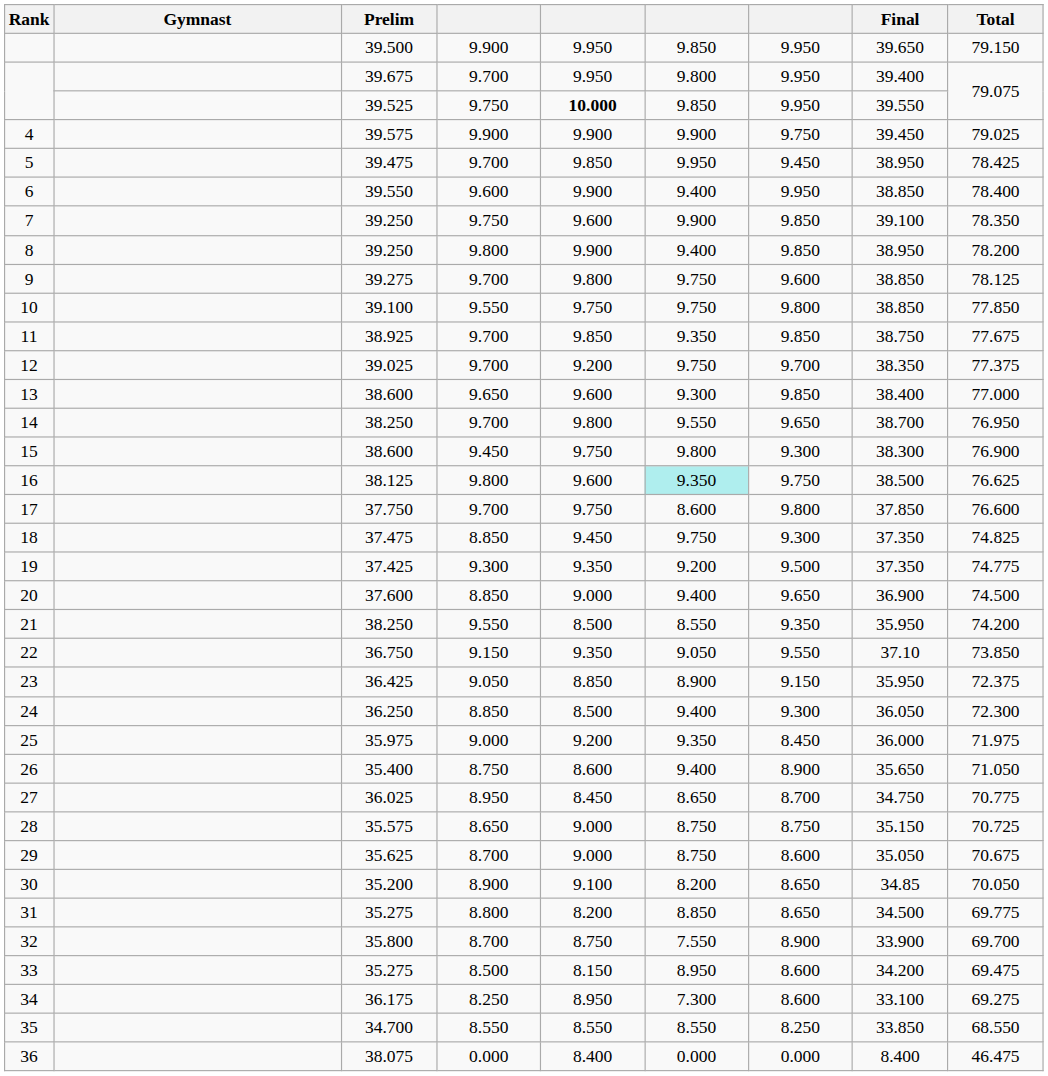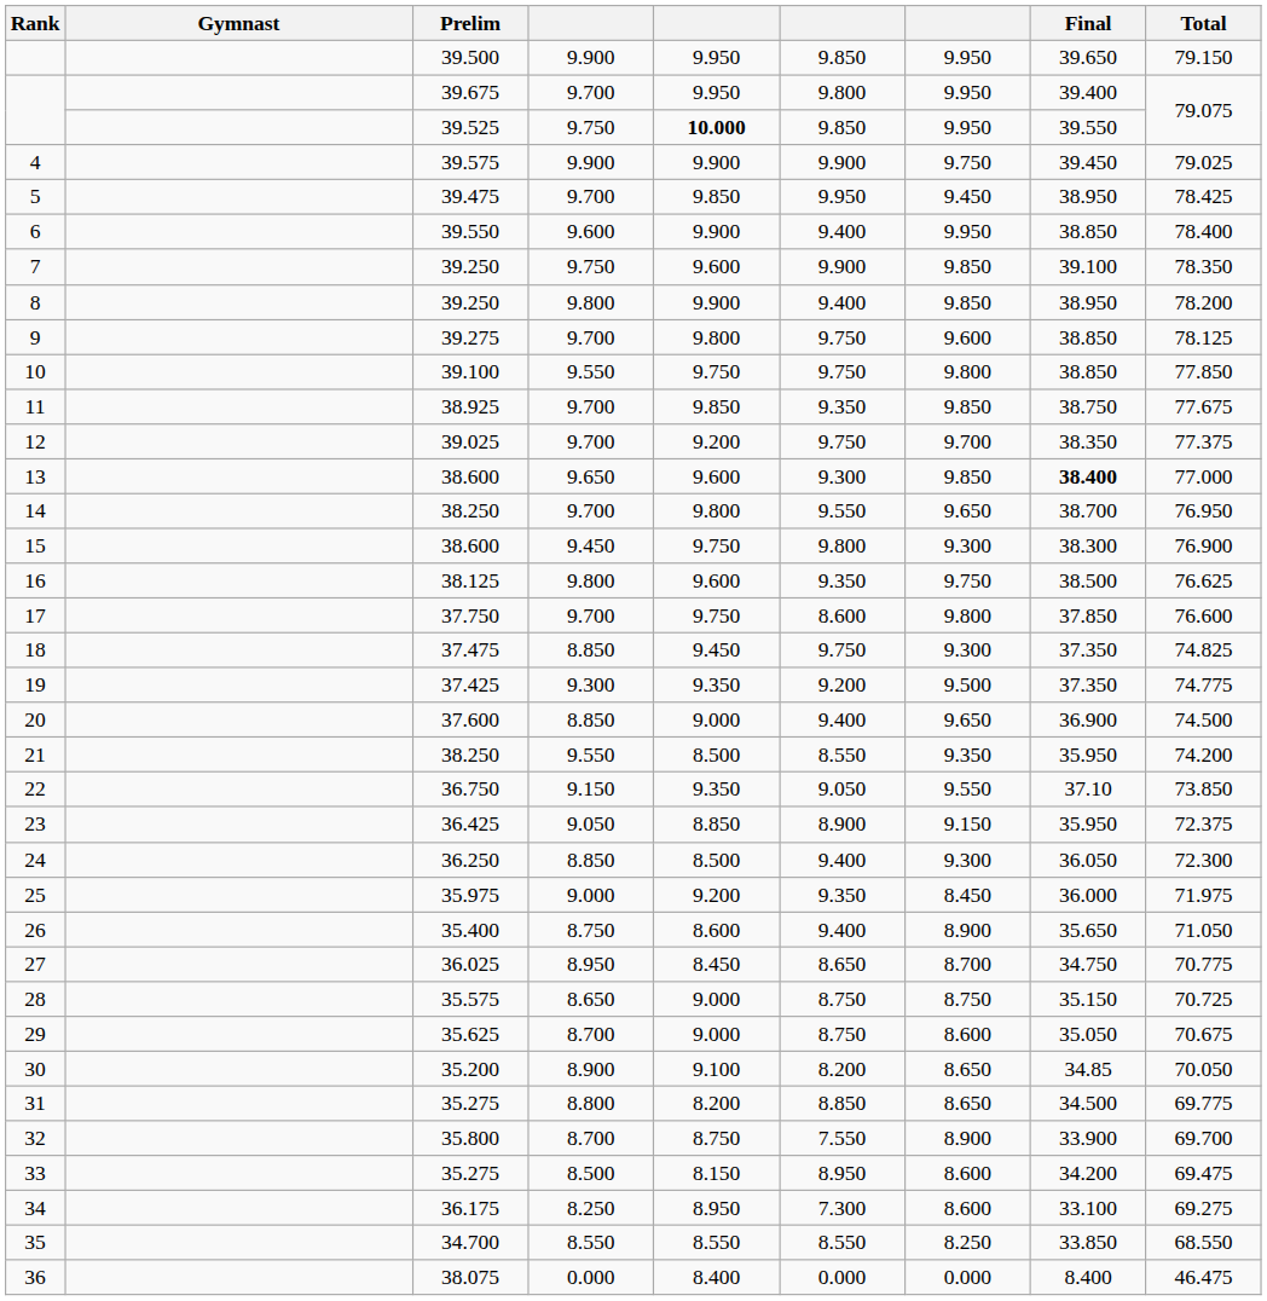 <table class="wikitable sortable" style="text-align:center; font-size:95%">
 <tr>
 <th>Rank</th>
 <th style="width:16em">Gymnast</th>
 <th style="width:5em">Prelim</th>
 <th width="10%"></th>
 <th width="10%"></th>
 <th width="10%"></th>
 <th width="10%"></th>
 <th style="width:5em">Final</th>
 <th style="width:5em">Total</th>
 </tr>
 <tr>
 <td></td>
 <td align=left></td>
 <td>39.500</td>
 <td>9.900</td>
 <td>9.950</td>
 <td>9.850</td>
 <td>9.950</td>
 <td>39.650</td>
 <td>79.150</td>
 </tr>
 <tr>
 <td rowspan="2"></td>
 <td align=left></td>
 <td>39.675</td>
 <td>9.700</td>
 <td>9.950</td>
 <td>9.800</td>
 <td>9.950</td>
 <td>39.400</td>
 <td rowspan="2">79.075</td>
 </tr>
 <tr>
 <td align=left></td>
 <td>39.525</td>
 <td>9.750</td>
 <td><strong>10.000</strong></td>
 <td>9.850</td>
 <td>9.950</td>
 <td>39.550</td>
 </tr>
 <tr>
 <td>4</td>
 <td align=left></td>
 <td>39.575</td>
 <td>9.900</td>
 <td>9.900</td>
 <td>9.900</td>
 <td>9.750</td>
 <td>39.450</td>
 <td>79.025</td>
 </tr>
 <tr>
 <td>5</td>
 <td align=left></td>
 <td>39.475</td>
 <td>9.700</td>
 <td>9.850</td>
 <td>9.950</td>
 <td>9.450</td>
 <td>38.950</td>
 <td>78.425</td>
 </tr>
 <tr>
 <td>6</td>
 <td align=left></td>
 <td>39.550</td>
 <td>9.600</td>
 <td>9.900</td>
 <td>9.400</td>
 <td>9.950</td>
 <td>38.850</td>
 <td>78.400</td>
 </tr>
 <tr>
 <td>7</td>
 <td align=left></td>
 <td>39.250</td>
 <td>9.750</td>
 <td>9.600</td>
 <td>9.900</td>
 <td>9.850</td>
 <td>39.100</td>
 <td>78.350</td>
 </tr>
 <tr>
 <td>8</td>
 <td align=left></td>
 <td>39.250</td>
 <td>9.800</td>
 <td>9.900</td>
 <td>9.400</td>
 <td>9.850</td>
 <td>38.950</td>
 <td>78.200</td>
 </tr>
 <tr>
 <td>9</td>
 <td align=left></td>
 <td>39.275</td>
 <td>9.700</td>
 <td>9.800</td>
 <td>9.750</td>
 <td>9.600</td>
 <td>38.850</td>
 <td>78.125</td>
 </tr>
 <tr>
 <td>10</td>
 <td align=left></td>
 <td>39.100</td>
 <td>9.550</td>
 <td>9.750</td>
 <td>9.750</td>
 <td>9.800</td>
 <td>38.850</td>
 <td>77.850</td>
 </tr>
 <tr>
 <td>11</td>
 <td align=left></td>
 <td>38.925</td>
 <td>9.700</td>
 <td>9.850</td>
 <td>9.350</td>
 <td>9.850</td>
 <td>38.750</td>
 <td>77.675</td>
 </tr>
 <tr>
 <td>12</td>
 <td align=left></td>
 <td>39.025</td>
 <td>9.700</td>
 <td>9.200</td>
 <td>9.750</td>
 <td>9.700</td>
 <td>38.350</td>
 <td>77.375</td>
 </tr>
 <tr>
 <td>13</td>
 <td align=left></td>
 <td>38.600</td>
 <td>9.650</td>
 <td>9.600</td>
 <td>9.300</td>
 <td>9.850</td>
-<td>38.400</td>
+<td><strong>38.400</strong></td>
 <td>77.000</td>
 </tr>
 <tr>
 <td>14</td>
 <td align=left></td>
 <td>38.250</td>
 <td>9.700</td>
 <td>9.800</td>
 <td>9.550</td>
 <td>9.650</td>
 <td>38.700</td>
 <td>76.950</td>
 </tr>
 <tr>
 <td>15</td>
 <td align=left></td>
 <td>38.600</td>
 <td>9.450</td>
 <td>9.750</td>
 <td>9.800</td>
 <td>9.300</td>
 <td>38.300</td>
 <td>76.900</td>
 </tr>
 <tr>
 <td>16</td>
 <td align=left></td>
 <td>38.125</td>
 <td>9.800</td>
 <td>9.600</td>
-<td style="background: paleturquoise;">9.350</td>
+<td>9.350</td>
 <td>9.750</td>
 <td>38.500</td>
 <td>76.625</td>
 </tr>
 <tr>
 <td>17</td>
 <td align=left></td>
 <td>37.750</td>
 <td>9.700</td>
 <td>9.750</td>
 <td>8.600</td>
 <td>9.800</td>
 <td>37.850</td>
 <td>76.600</td>
 </tr>
 <tr>
 <td>18</td>
 <td align=left></td>
 <td>37.475</td>
 <td>8.850</td>
 <td>9.450</td>
 <td>9.750</td>
 <td>9.300</td>
 <td>37.350</td>
 <td>74.825</td>
 </tr>
 <tr>
 <td>19</td>
 <td align=left></td>
 <td>37.425</td>
 <td>9.300</td>
 <td>9.350</td>
 <td>9.200</td>
 <td>9.500</td>
 <td>37.350</td>
 <td>74.775</td>
 </tr>
 <tr>
 <td>20</td>
 <td align=left></td>
 <td>37.600</td>
 <td>8.850</td>
 <td>9.000</td>
 <td>9.400</td>
 <td>9.650</td>
 <td>36.900</td>
 <td>74.500</td>
 </tr>
 <tr>
 <td>21</td>
 <td align=left></td>
 <td>38.250</td>
 <td>9.550</td>
 <td>8.500</td>
 <td>8.550</td>
 <td>9.350</td>
 <td>35.950</td>
 <td>74.200</td>
 </tr>
 <tr>
 <td>22</td>
 <td align=left></td>
 <td>36.750</td>
 <td>9.150</td>
 <td>9.350</td>
 <td>9.050</td>
 <td>9.550</td>
 <td>37.10</td>
 <td>73.850</td>
 </tr>
 <tr>
 <td>23</td>
 <td align=left></td>
 <td>36.425</td>
 <td>9.050</td>
 <td>8.850</td>
 <td>8.900</td>
 <td>9.150</td>
 <td>35.950</td>
 <td>72.375</td>
 </tr>
 <tr>
 <td>24</td>
 <td align=left></td>
 <td>36.250</td>
 <td>8.850</td>
 <td>8.500</td>
 <td>9.400</td>
 <td>9.300</td>
 <td>36.050</td>
 <td>72.300</td>
 </tr>
 <tr>
 <td>25</td>
 <td align=left></td>
 <td>35.975</td>
 <td>9.000</td>
 <td>9.200</td>
 <td>9.350</td>
 <td>8.450</td>
 <td>36.000</td>
 <td>71.975</td>
 </tr>
 <tr>
 <td>26</td>
 <td align=left></td>
 <td>35.400</td>
 <td>8.750</td>
 <td>8.600</td>
 <td>9.400</td>
 <td>8.900</td>
 <td>35.650</td>
 <td>71.050</td>
 </tr>
 <tr>
 <td>27</td>
 <td align=left></td>
 <td>36.025</td>
 <td>8.950</td>
 <td>8.450</td>
 <td>8.650</td>
 <td>8.700</td>
 <td>34.750</td>
 <td>70.775</td>
 </tr>
 <tr>
 <td>28</td>
 <td align=left></td>
 <td>35.575</td>
 <td>8.650</td>
 <td>9.000</td>
 <td>8.750</td>
 <td>8.750</td>
 <td>35.150</td>
 <td>70.725</td>
 </tr>
 <tr>
 <td>29</td>
 <td align=left></td>
 <td>35.625</td>
 <td>8.700</td>
 <td>9.000</td>
 <td>8.750</td>
 <td>8.600</td>
 <td>35.050</td>
 <td>70.675</td>
 </tr>
 <tr>
 <td>30</td>
 <td align=left></td>
 <td>35.200</td>
 <td>8.900</td>
 <td>9.100</td>
 <td>8.200</td>
 <td>8.650</td>
 <td>34.85</td>
 <td>70.050</td>
 </tr>
 <tr>
 <td>31</td>
 <td align=left></td>
 <td>35.275</td>
 <td>8.800</td>
 <td>8.200</td>
 <td>8.850</td>
 <td>8.650</td>
 <td>34.500</td>
 <td>69.775</td>
 </tr>
 <tr>
 <td>32</td>
 <td align=left></td>
 <td>35.800</td>
 <td>8.700</td>
 <td>8.750</td>
 <td>7.550</td>
 <td>8.900</td>
 <td>33.900</td>
 <td>69.700</td>
 </tr>
 <tr>
 <td>33</td>
 <td align=left></td>
 <td>35.275</td>
 <td>8.500</td>
 <td>8.150</td>
 <td>8.950</td>
 <td>8.600</td>
 <td>34.200</td>
 <td>69.475</td>
 </tr>
 <tr>
 <td>34</td>
 <td align=left></td>
 <td>36.175</td>
 <td>8.250</td>
 <td>8.950</td>
 <td>7.300</td>
 <td>8.600</td>
 <td>33.100</td>
 <td>69.275</td>
 </tr>
 <tr>
 <td>35</td>
 <td align=left></td>
 <td>34.700</td>
 <td>8.550</td>
 <td>8.550</td>
 <td>8.550</td>
 <td>8.250</td>
 <td>33.850</td>
 <td>68.550</td>
 </tr>
 <tr>
 <td>36</td>
 <td align=left></td>
 <td>38.075</td>
 <td>0.000</td>
 <td>8.400</td>
 <td>0.000</td>
 <td>0.000</td>
 <td>8.400</td>
 <td>46.475</td>
 </tr>
 </table>
